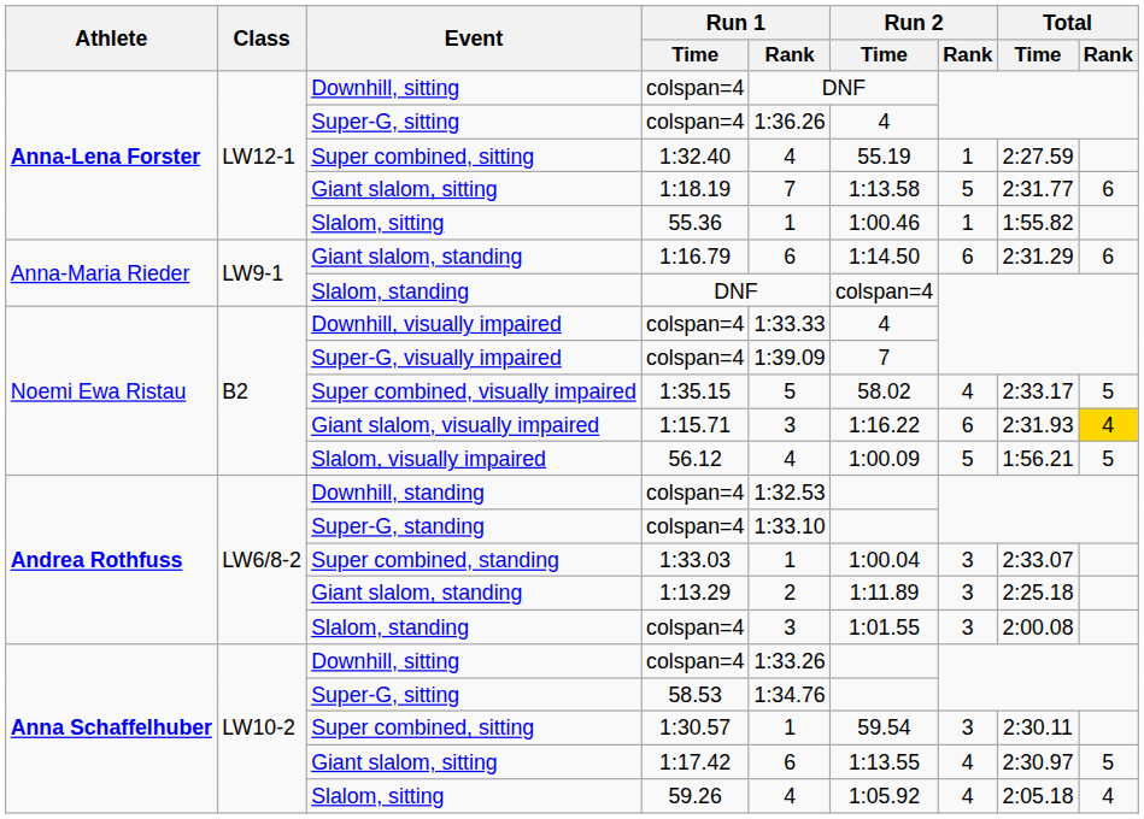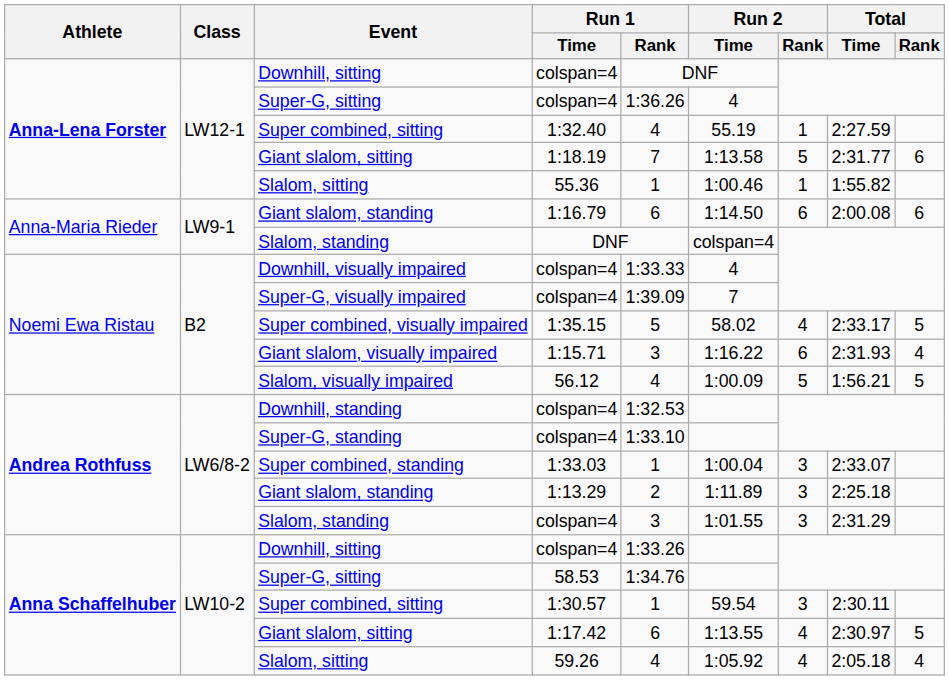 <table class=wikitable style="font-size:90%">
 <tr>
 <th rowspan=2>Athlete</th>
 <th rowspan=2>Class</th>
 <th rowspan=2>Event</th>
 <th colspan=2>Run 1</th>
 <th colspan=2>Run 2</th>
 <th colspan=2>Total</th>
 </tr>
 <tr style="font-size:95%">
 <th>Time</th>
 <th>Rank</th>
 <th>Time</th>
 <th>Rank</th>
 <th>Time</th>
 <th>Rank</th>
 </tr>
 <tr>
 <td rowspan=5><strong><a href='#'>Anna-Lena Forster</a></strong></td>
 <td rowspan=5>LW12-1</td>
 <td><a href='#'>Downhill, sitting</a></td>
 <td>colspan=4 </td>
 <td colspan=2 align="center">DNF</td>
 </tr>
 <tr>
 <td><a href='#'>Super-G, sitting</a></td>
 <td>colspan=4 </td>
 <td align="center">1:36.26</td>
 <td align="center">4</td>
 </tr>
 <tr>
 <td><a href='#'>Super combined, sitting</a></td>
 <td align="center">1:32.40</td>
 <td align="center">4</td>
 <td align="center">55.19</td>
 <td align="center">1</td>
 <td align="center">2:27.59</td>
 <td align="center"></td>
 </tr>
 <tr>
 <td><a href='#'>Giant slalom, sitting</a></td>
 <td align="center">1:18.19</td>
 <td align="center">7</td>
 <td align="center">1:13.58</td>
 <td align="center">5</td>
 <td align="center">2:31.77</td>
 <td align="center">6</td>
 </tr>
 <tr>
 <td><a href='#'>Slalom, sitting</a></td>
 <td align="center">55.36</td>
 <td align="center">1</td>
 <td align="center">1:00.46</td>
 <td align="center">1</td>
 <td align="center">1:55.82</td>
 <td align="center"></td>
 </tr>
 <tr>
 <td rowspan=2><a href='#'>Anna-Maria Rieder</a></td>
 <td rowspan=2>LW9-1</td>
 <td><a href='#'>Giant slalom, standing</a></td>
 <td align="center">1:16.79</td>
 <td align="center">6</td>
 <td align="center">1:14.50</td>
 <td align="center">6</td>
-<td align="center">2:31.29</td>
+<td align="center">2:00.08</td>
 <td align="center">6</td>
 </tr>
 <tr>
 <td><a href='#'>Slalom, standing</a></td>
 <td colspan=2 align="center">DNF</td>
 <td>colspan=4 </td>
 </tr>
 <tr>
 <td rowspan=5><a href='#'>Noemi Ewa Ristau</a><br></td>
 <td rowspan=5>B2</td>
 <td><a href='#'>Downhill, visually impaired</a></td>
 <td>colspan=4 </td>
 <td align="center">1:33.33</td>
 <td align="center">4</td>
 </tr>
 <tr>
 <td><a href='#'>Super-G, visually impaired</a></td>
 <td>colspan=4 </td>
 <td align="center">1:39.09</td>
 <td align="center">7</td>
 </tr>
 <tr>
 <td><a href='#'>Super combined, visually impaired</a></td>
 <td align="center">1:35.15</td>
 <td align="center">5</td>
 <td align="center">58.02</td>
 <td align="center">4</td>
 <td align="center">2:33.17</td>
 <td align="center">5</td>
 </tr>
 <tr>
 <td><a href='#'>Giant slalom, visually impaired</a></td>
 <td align="center">1:15.71</td>
 <td align="center">3</td>
 <td align="center">1:16.22</td>
 <td align="center">6</td>
 <td align="center">2:31.93</td>
-<td align="center" style="background: gold;">4</td>
+<td align="center">4</td>
 </tr>
 <tr>
 <td><a href='#'>Slalom, visually impaired</a></td>
 <td align="center">56.12</td>
 <td align="center">4</td>
 <td align="center">1:00.09</td>
 <td align="center">5</td>
 <td align="center">1:56.21</td>
 <td align="center">5</td>
 </tr>
 <tr>
 <td rowspan=5><strong><a href='#'>Andrea Rothfuss</a></strong></td>
 <td rowspan=5>LW6/8-2</td>
 <td><a href='#'>Downhill, standing</a></td>
 <td>colspan=4 </td>
 <td align="center">1:32.53</td>
 <td align="center"></td>
 </tr>
 <tr>
 <td><a href='#'>Super-G, standing</a></td>
 <td>colspan=4 </td>
 <td align="center">1:33.10</td>
 <td align="center"></td>
 </tr>
 <tr>
 <td><a href='#'>Super combined, standing</a></td>
 <td align="center">1:33.03</td>
 <td align="center">1</td>
 <td align="center">1:00.04</td>
 <td align="center">3</td>
 <td align="center">2:33.07</td>
 <td align="center"></td>
 </tr>
 <tr>
 <td><a href='#'>Giant slalom, standing</a></td>
 <td align="center">1:13.29</td>
 <td align="center">2</td>
 <td align="center">1:11.89</td>
 <td align="center">3</td>
 <td align="center">2:25.18</td>
 <td align="center"></td>
 </tr>
 <tr>
 <td><a href='#'>Slalom, standing</a></td>
 <td>colspan=4 </td>
 <td align="center">3</td>
 <td align="center">1:01.55</td>
 <td align="center">3</td>
-<td align="center">2:00.08</td>
+<td align="center">2:31.29</td>
 <td align="center"></td>
 </tr>
 <tr>
 <td rowspan=5><strong><a href='#'>Anna Schaffelhuber</a></strong></td>
 <td rowspan=5>LW10-2</td>
 <td><a href='#'>Downhill, sitting</a></td>
 <td>colspan=4 </td>
 <td align="center">1:33.26</td>
 <td align="center"></td>
 </tr>
 <tr>
 <td><a href='#'>Super-G, sitting</a></td>
 <td align="center">58.53</td>
 <td align="center">1:34.76</td>
 <td align="center"></td>
 </tr>
 <tr>
 <td><a href='#'>Super combined, sitting</a></td>
 <td align="center">1:30.57</td>
 <td align="center">1</td>
 <td align="center">59.54</td>
 <td align="center">3</td>
 <td align="center">2:30.11</td>
 <td align="center"></td>
 </tr>
 <tr>
 <td><a href='#'>Giant slalom, sitting</a></td>
 <td align="center">1:17.42</td>
 <td align="center">6</td>
 <td align="center">1:13.55</td>
 <td align="center">4</td>
 <td align="center">2:30.97</td>
 <td align="center">5</td>
 </tr>
 <tr>
 <td><a href='#'>Slalom, sitting</a></td>
 <td align="center">59.26</td>
 <td align="center">4</td>
 <td align="center">1:05.92</td>
 <td align="center">4</td>
 <td align="center">2:05.18</td>
 <td align="center">4</td>
 </tr>
 </table>
